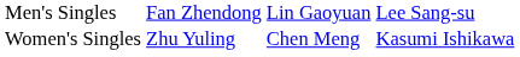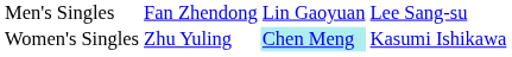 <table>
 <tr>
 <td>Men's Singles <br></td>
 <td> <a href='#'>Fan Zhendong</a></td>
 <td> <a href='#'>Lin Gaoyuan</a></td>
 <td> <a href='#'>Lee Sang-su</a></td>
 </tr>
 <tr>
 <td>Women's Singles <br></td>
 <td> <a href='#'>Zhu Yuling</a></td>
-<td> <a href='#'>Chen Meng</a></td>
+<td style="background: paleturquoise;"> <a href='#'>Chen Meng</a></td>
 <td> <a href='#'>Kasumi Ishikawa</a></td>
 </tr>
 <tr>
 </tr>
 </table>
